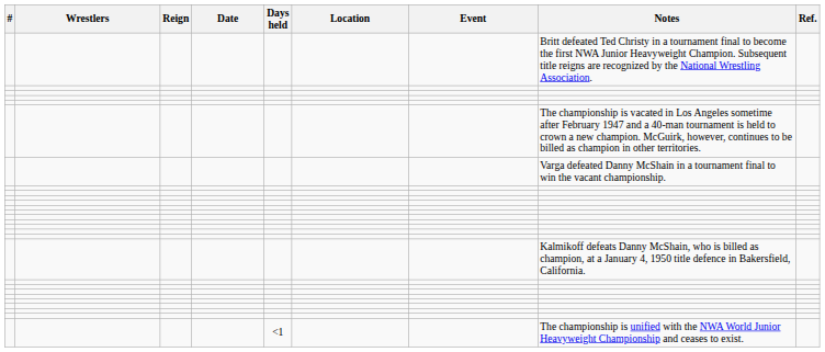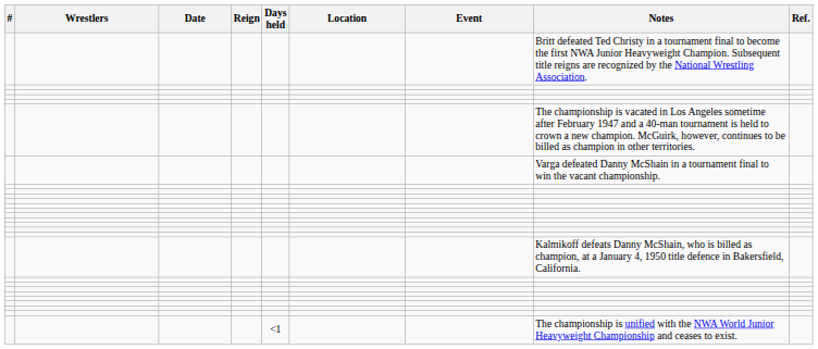 <table class="wikitable sortable" width=98% style="text-align:center;">
 <tr>
 <th width=0%>#</th>
 <th width=20%>Wrestlers</th>
+<th width=10%>Date</th>
 <th width=0%>Reign</th>
-<th width=10%>Date</th>
 <th width=0%>Days<br>held</th>
 <th width=16%>Location</th>
 <th width=18%>Event</th>
 <th width=60% class="unsortable">Notes</th>
 <th width=0% class="unsortable">Ref.</th>
 </tr>
 <tr>
 <td></td>
 <td></td>
 <td></td>
 <td></td>
 <td></td>
 <td></td>
 <td></td>
 <td align="left">Britt defeated Ted Christy in a tournament final to become the first NWA Junior Heavyweight Champion. Subsequent title reigns are recognized by the <a href='#'>National Wrestling Association</a>.</td>
 <td align="left"></td>
 </tr>
 <tr>
 <td></td>
 <td></td>
 <td></td>
 <td></td>
 <td></td>
 <td></td>
 <td></td>
 <td align="left"></td>
 <td align="left"></td>
 </tr>
 <tr>
 <td></td>
 <td></td>
 <td></td>
 <td></td>
 <td></td>
 <td></td>
 <td></td>
 <td align="left"></td>
 <td align="left"></td>
 </tr>
 <tr>
 <td></td>
 <td></td>
 <td></td>
 <td></td>
 <td></td>
 <td></td>
 <td></td>
 <td align="left"></td>
 <td align="left"></td>
 </tr>
 <tr>
 <td></td>
 <td></td>
 <td></td>
 <td></td>
 <td></td>
 <td></td>
 <td></td>
 <td align="left"></td>
 <td align="left"></td>
 </tr>
 <tr>
 <td></td>
 <td></td>
 <td></td>
 <td></td>
 <td></td>
 <td></td>
 <td></td>
 <td align="left">The championship is vacated in Los Angeles sometime after February 1947 and a 40-man tournament is held to crown a new champion. McGuirk, however, continues to be billed as champion in other territories.</td>
 <td align="left"></td>
 </tr>
 <tr>
 <td></td>
 <td></td>
 <td></td>
 <td></td>
 <td></td>
 <td></td>
 <td></td>
 <td align="left">Varga defeated Danny McShain in a tournament final to win the vacant championship.</td>
 <td align="left"></td>
 </tr>
 <tr>
 <td></td>
 <td></td>
 <td></td>
 <td></td>
 <td></td>
 <td></td>
 <td></td>
 <td align="left"></td>
 <td align="left"></td>
 </tr>
 <tr>
 <td></td>
 <td></td>
 <td></td>
 <td></td>
 <td></td>
 <td></td>
 <td></td>
 <td align="left"></td>
 <td align="left"></td>
 </tr>
 <tr>
 <td></td>
 <td></td>
 <td></td>
 <td></td>
 <td></td>
 <td></td>
 <td></td>
 <td align="left"></td>
 <td align="left"></td>
 </tr>
 <tr>
 <td></td>
 <td></td>
 <td></td>
 <td></td>
 <td></td>
 <td></td>
 <td></td>
 <td align="left"></td>
 <td align="left"></td>
 </tr>
 <tr>
 <td></td>
 <td></td>
 <td></td>
 <td></td>
 <td></td>
 <td></td>
 <td></td>
 <td align="left"></td>
 <td align="left"></td>
 </tr>
 <tr>
 <td></td>
 <td></td>
 <td></td>
 <td></td>
 <td></td>
 <td></td>
 <td></td>
 <td align="left"></td>
 <td align="left"></td>
 </tr>
 <tr>
 <td></td>
 <td></td>
 <td></td>
 <td></td>
 <td></td>
 <td></td>
 <td></td>
 <td align="left"></td>
 <td align="left"></td>
 </tr>
 <tr>
 <td></td>
 <td></td>
 <td></td>
 <td></td>
 <td></td>
 <td></td>
 <td></td>
 <td align="left"></td>
 <td align="left"></td>
 </tr>
 <tr>
 <td></td>
 <td></td>
 <td></td>
 <td></td>
 <td></td>
 <td></td>
 <td></td>
 <td align="left"></td>
 <td align="left"></td>
 </tr>
 <tr>
 <td></td>
 <td></td>
 <td></td>
 <td></td>
 <td></td>
 <td></td>
 <td></td>
 <td align="left"></td>
 <td align="left"></td>
 </tr>
 <tr>
 <td></td>
 <td></td>
 <td></td>
 <td></td>
 <td></td>
 <td></td>
 <td></td>
 <td align="left"></td>
 <td align="left"></td>
 </tr>
 <tr>
 <td></td>
 <td></td>
 <td></td>
 <td></td>
 <td></td>
 <td></td>
 <td></td>
 <td align="left">Kalmikoff defeats Danny McShain, who is billed as champion, at a January 4, 1950 title defence in Bakersfield, California.</td>
 <td align="left"></td>
 </tr>
 <tr>
 <td></td>
 <td></td>
 <td></td>
 <td></td>
 <td></td>
 <td></td>
 <td></td>
 <td align="left"></td>
 <td align="left"></td>
 </tr>
 <tr>
 <td></td>
 <td></td>
 <td></td>
 <td></td>
 <td></td>
 <td></td>
 <td></td>
 <td align="left"></td>
 <td align="left"></td>
 </tr>
 <tr>
 <td></td>
 <td></td>
 <td></td>
 <td></td>
 <td></td>
 <td></td>
 <td></td>
 <td align="left"></td>
 <td align="left"></td>
 </tr>
 <tr>
 <td></td>
 <td></td>
 <td></td>
 <td></td>
 <td></td>
 <td></td>
 <td></td>
 <td align="left"></td>
 <td align="left"></td>
 </tr>
 <tr>
 <td></td>
 <td></td>
 <td></td>
 <td></td>
 <td></td>
 <td></td>
 <td></td>
 <td align="left"></td>
 <td align="left"></td>
 </tr>
 <tr>
 <td></td>
 <td></td>
 <td></td>
 <td></td>
 <td></td>
 <td></td>
 <td></td>
 <td align="left"></td>
 <td align="left"></td>
 </tr>
 <tr>
 <td></td>
 <td></td>
 <td></td>
 <td></td>
 <td></td>
 <td></td>
 <td></td>
 <td align="left"></td>
 <td align="left"></td>
 </tr>
 <tr>
 <td></td>
 <td></td>
 <td></td>
 <td></td>
 <td></td>
 <td></td>
 <td></td>
 <td align="left"></td>
 <td align="left"></td>
 </tr>
 <tr>
 <td></td>
 <td></td>
 <td></td>
 <td></td>
 <td><1</td>
 <td></td>
 <td></td>
 <td align="left">The championship is <a href='#'>unified</a> with the <a href='#'>NWA World Junior Heavyweight Championship</a> and ceases to exist.</td>
 <td align="left"></td>
 </tr>
 </table>
